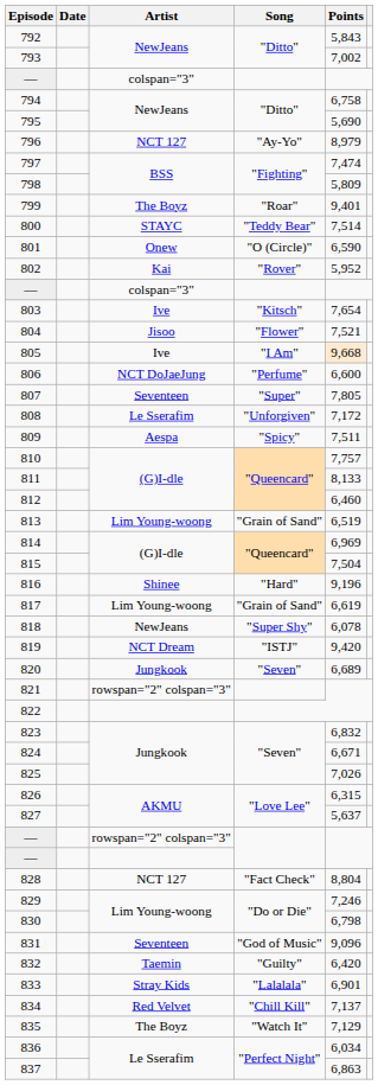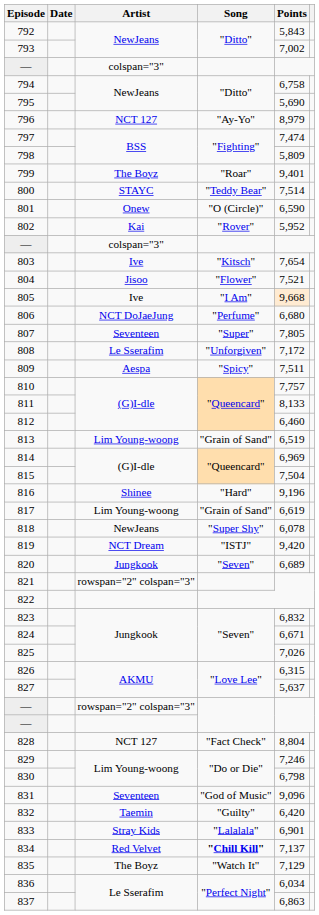 <table class="wikitable plainrowheaders sortable" style="text-align:center">
 <tr>
 <th scope="col">Episode</th>
 <th scope="col">Date</th>
 <th scope="col">Artist</th>
 <th scope="col">Song</th>
 <th scope="col">Points</th>
 <th class="unsortable" scope="col"></th>
 </tr>
 <tr>
 <td>792</td>
 <td></td>
 <td rowspan="2"><a href='#'>NewJeans</a></td>
 <td rowspan="2">"<a href='#'>Ditto</a>"</td>
 <td>5,843</td>
 <td></td>
 </tr>
 <tr>
 <td>793</td>
 <td></td>
 <td>7,002</td>
 <td></td>
 </tr>
 <tr>
 <td style="background:#eee">—</td>
 <td></td>
 <td>colspan="3" </td>
 <td></td>
 </tr>
 <tr>
 <td>794</td>
 <td></td>
 <td rowspan="2">NewJeans</td>
 <td rowspan="2">"Ditto"</td>
 <td>6,758</td>
 <td></td>
 </tr>
 <tr>
 <td>795</td>
 <td></td>
 <td>5,690</td>
 <td></td>
 </tr>
 <tr>
 <td>796</td>
 <td></td>
 <td><a href='#'>NCT 127</a></td>
 <td>"Ay-Yo"</td>
 <td>8,979</td>
 <td></td>
 </tr>
 <tr>
 <td>797</td>
 <td></td>
 <td rowspan="2"><a href='#'>BSS</a></td>
 <td rowspan="2">"<a href='#'>Fighting</a>"</td>
 <td>7,474</td>
 <td></td>
 </tr>
 <tr>
 <td>798</td>
 <td></td>
 <td>5,809</td>
 <td></td>
 </tr>
 <tr>
 <td>799</td>
 <td></td>
 <td data-sort-value="Boyz, The"><a href='#'>The Boyz</a></td>
 <td>"Roar"</td>
 <td>9,401</td>
 <td></td>
 </tr>
 <tr>
 <td>800</td>
 <td></td>
 <td><a href='#'>STAYC</a></td>
 <td>"<a href='#'>Teddy Bear</a>"</td>
 <td>7,514</td>
 <td></td>
 </tr>
 <tr>
 <td>801</td>
 <td></td>
 <td><a href='#'>Onew</a></td>
 <td>"O (Circle)"</td>
 <td>6,590</td>
 <td></td>
 </tr>
 <tr>
 <td>802</td>
 <td></td>
 <td><a href='#'>Kai</a></td>
 <td>"<a href='#'>Rover</a>"</td>
 <td>5,952</td>
 <td></td>
 </tr>
 <tr>
 <td style="background:#eee">—</td>
 <td></td>
 <td>colspan="3" </td>
 <td></td>
 </tr>
 <tr>
 <td>803</td>
 <td></td>
 <td><a href='#'>Ive</a></td>
 <td>"<a href='#'>Kitsch</a>"</td>
 <td>7,654</td>
 <td></td>
 </tr>
 <tr>
 <td>804</td>
 <td></td>
 <td><a href='#'>Jisoo</a></td>
 <td>"<a href='#'>Flower</a>"</td>
 <td>7,521</td>
 <td></td>
 </tr>
 <tr>
 <td>805</td>
 <td></td>
 <td>Ive</td>
 <td>"<a href='#'>I Am</a>"</td>
 <td style="background:#ffebd2">9,668</td>
 <td></td>
 </tr>
 <tr>
 <td>806</td>
 <td></td>
 <td><a href='#'>NCT DoJaeJung</a></td>
 <td>"<a href='#'>Perfume</a>"</td>
-<td>6,600</td>
+<td>6,680</td>
 <td></td>
 </tr>
 <tr>
 <td>807</td>
 <td></td>
 <td><a href='#'>Seventeen</a></td>
 <td>"<a href='#'>Super</a>"</td>
 <td>7,805</td>
 <td></td>
 </tr>
 <tr>
 <td>808</td>
 <td></td>
 <td><a href='#'>Le Sserafim</a></td>
 <td>"<a href='#'>Unforgiven</a>"</td>
 <td>7,172</td>
 <td></td>
 </tr>
 <tr>
 <td>809</td>
 <td></td>
 <td><a href='#'>Aespa</a></td>
 <td>"<a href='#'>Spicy</a>"</td>
 <td>7,511</td>
 <td></td>
 </tr>
 <tr>
 <td>810</td>
 <td></td>
 <td rowspan="3"><a href='#'>(G)I-dle</a></td>
 <td rowspan="3" style="background:#ffdead">"<a href='#'>Queencard</a>"</td>
 <td>7,757</td>
 <td></td>
 </tr>
 <tr>
 <td>811</td>
 <td></td>
 <td>8,133</td>
 <td></td>
 </tr>
 <tr>
 <td>812</td>
 <td></td>
 <td>6,460</td>
 <td></td>
 </tr>
 <tr>
 <td>813</td>
 <td></td>
 <td><a href='#'>Lim Young-woong</a></td>
 <td>"Grain of Sand"</td>
 <td>6,519</td>
 <td></td>
 </tr>
 <tr>
 <td>814</td>
 <td></td>
 <td rowspan="2">(G)I-dle</td>
 <td rowspan="2" style="background:#ffdead">"Queencard"</td>
 <td>6,969</td>
 <td></td>
 </tr>
 <tr>
 <td>815</td>
 <td></td>
 <td>7,504</td>
 <td></td>
 </tr>
 <tr>
 <td>816</td>
 <td></td>
 <td><a href='#'>Shinee</a></td>
 <td>"Hard"</td>
 <td>9,196</td>
 <td></td>
 </tr>
 <tr>
 <td>817</td>
 <td></td>
 <td>Lim Young-woong</td>
 <td>"Grain of Sand"</td>
 <td>6,619</td>
 <td></td>
 </tr>
 <tr>
 <td>818</td>
 <td></td>
 <td>NewJeans</td>
 <td>"<a href='#'>Super Shy</a>"</td>
 <td>6,078</td>
 <td></td>
 </tr>
 <tr>
 <td>819</td>
 <td></td>
 <td><a href='#'>NCT Dream</a></td>
 <td>"ISTJ"</td>
 <td>9,420</td>
 <td></td>
 </tr>
 <tr>
 <td>820</td>
 <td></td>
 <td><a href='#'>Jungkook</a></td>
 <td>"<a href='#'>Seven</a>"</td>
 <td>6,689</td>
 <td></td>
 </tr>
 <tr>
 <td>821</td>
 <td></td>
 <td>rowspan="2" colspan="3" </td>
 <td></td>
 </tr>
 <tr>
 <td>822</td>
 <td></td>
 <td></td>
 </tr>
 <tr>
 <td>823</td>
 <td></td>
 <td rowspan="3">Jungkook</td>
 <td rowspan="3">"Seven"</td>
 <td>6,832</td>
 <td></td>
 </tr>
 <tr>
 <td>824</td>
 <td></td>
 <td>6,671</td>
 <td></td>
 </tr>
 <tr>
 <td>825</td>
 <td></td>
 <td>7,026</td>
 <td></td>
 </tr>
 <tr>
 <td>826</td>
 <td></td>
 <td rowspan="2"><a href='#'>AKMU</a></td>
 <td rowspan="2">"<a href='#'>Love Lee</a>"</td>
 <td>6,315</td>
 <td></td>
 </tr>
 <tr>
 <td>827</td>
 <td></td>
 <td>5,637</td>
 <td></td>
 </tr>
 <tr>
 <td style="background:#eee">—</td>
 <td></td>
 <td>rowspan="2" colspan="3" </td>
 <td rowspan="2"></td>
 </tr>
 <tr>
 <td style="background:#eee">—</td>
 <td></td>
 </tr>
 <tr>
 <td>828</td>
 <td></td>
 <td>NCT 127</td>
 <td>"Fact Check"</td>
 <td>8,804</td>
 <td></td>
 </tr>
 <tr>
 <td>829</td>
 <td></td>
 <td rowspan="2">Lim Young-woong</td>
 <td rowspan="2">"Do or Die"</td>
 <td>7,246</td>
 <td></td>
 </tr>
 <tr>
 <td>830</td>
 <td></td>
 <td>6,798</td>
 <td></td>
 </tr>
 <tr>
 <td>831</td>
 <td></td>
 <td><a href='#'>Seventeen</a></td>
 <td>"God of Music"</td>
 <td>9,096</td>
 <td></td>
 </tr>
 <tr>
 <td>832</td>
 <td></td>
 <td><a href='#'>Taemin</a> </td>
 <td>"Guilty"</td>
 <td>6,420</td>
 <td></td>
 </tr>
 <tr>
 <td>833</td>
 <td></td>
 <td><a href='#'>Stray Kids</a></td>
 <td>"<a href='#'>Lalalala</a>"</td>
 <td>6,901</td>
 <td></td>
 </tr>
 <tr>
 <td>834</td>
 <td></td>
 <td><a href='#'>Red Velvet</a></td>
-<td>"<a href='#'>Chill Kill</a>"</td>
+<td><strong>"<a href='#'>Chill Kill</a>"</strong></td>
 <td>7,137</td>
 <td></td>
 </tr>
 <tr>
 <td>835</td>
 <td></td>
 <td data-sort-value="Boyz, The">The Boyz</td>
 <td>"Watch It"</td>
 <td>7,129</td>
 <td></td>
 </tr>
 <tr>
 <td>836</td>
 <td></td>
 <td rowspan="2">Le Sserafim</td>
 <td rowspan="2">"<a href='#'>Perfect Night</a>"</td>
 <td>6,034</td>
 <td></td>
 </tr>
 <tr>
 <td>837</td>
 <td></td>
 <td>6,863</td>
 <td></td>
 </tr>
 </table>
